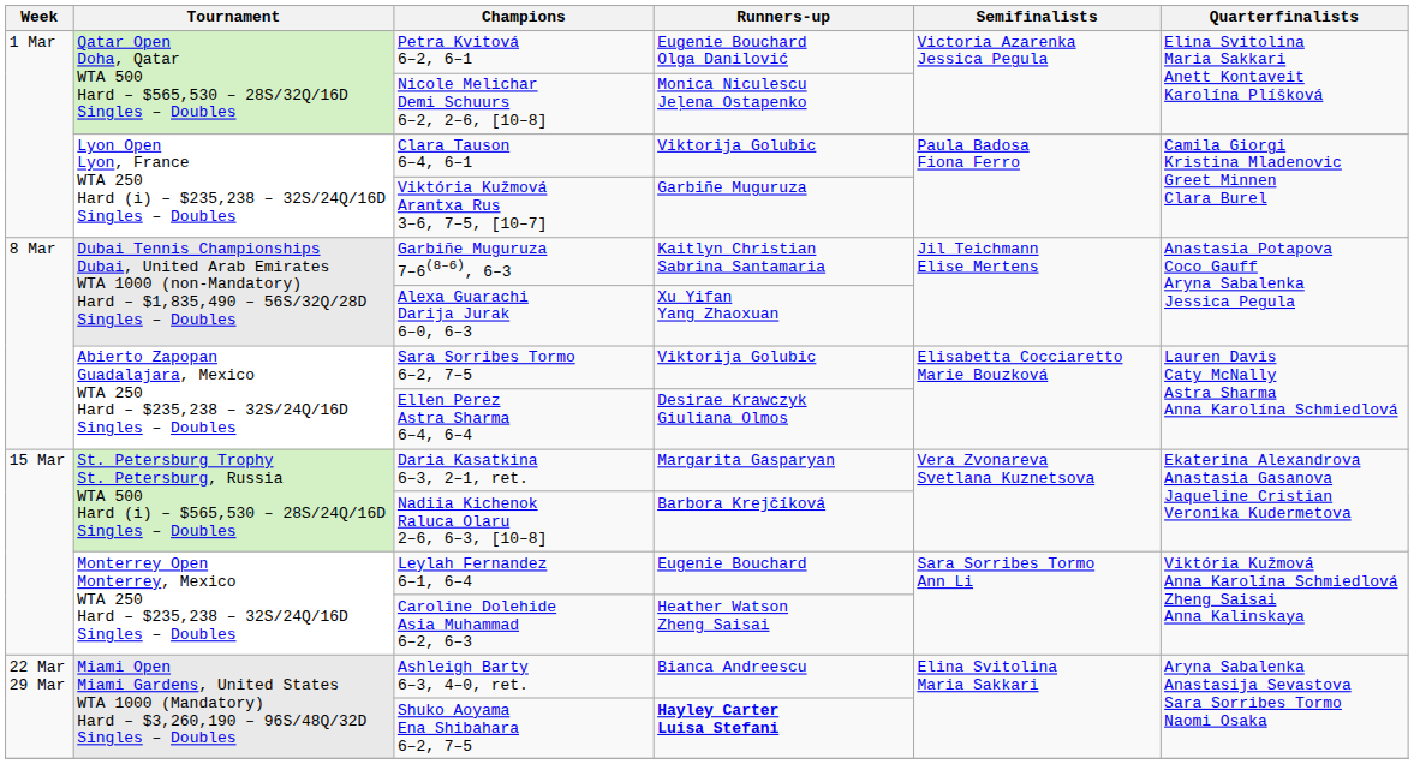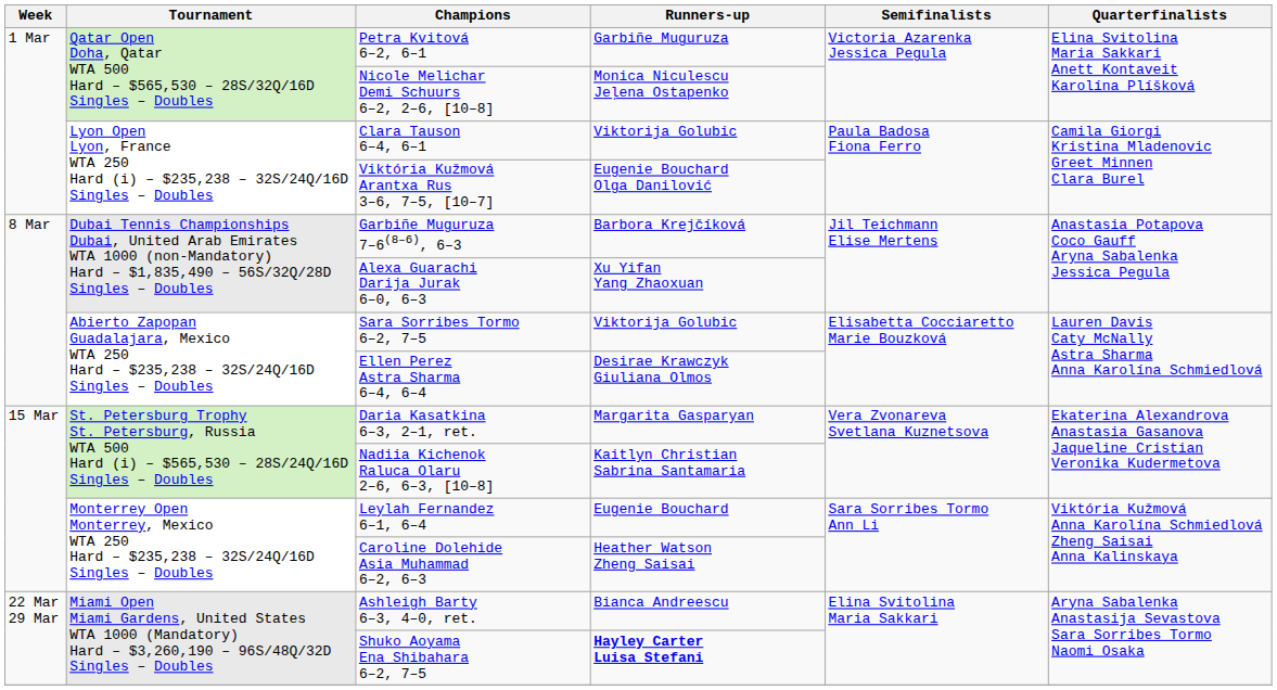 <table class=wikitable style=font-size:95%>
 <tr>
 <th style="width:48px;">Week</th>
 <th style="width:248px;">Tournament</th>
 <th style="width:200px;">Champions</th>
 <th style="width:200px;">Runners-up</th>
 <th style="width:190px;">Semifinalists</th>
 <th style="width:190px;">Quarterfinalists</th>
 </tr>
 <tr style="vertical-align:top">
 <td rowspan=4>1 Mar</td>
 <td style="background:#D4F1C5;" rowspan=2><a href='#'>Qatar Open</a><br> <a href='#'>Doha</a>, Qatar<br>WTA 500<br>Hard – $565,530 – 28S/32Q/16D <br> <a href='#'>Singles</a> – <a href='#'>Doubles</a></td>
 <td> <a href='#'>Petra Kvitová</a> <br> 6–2, 6–1</td>
-<td> <a href='#'>Eugenie Bouchard</a> <br>  <a href='#'>Olga Danilović</a></td>
+<td> <a href='#'>Garbiñe Muguruza</a></td>
 <td rowspan=2> <a href='#'>Victoria Azarenka</a> <br>  <a href='#'>Jessica Pegula</a></td>
 <td rowspan=2> <a href='#'>Elina Svitolina</a> <br>  <a href='#'>Maria Sakkari</a> <br>  <a href='#'>Anett Kontaveit</a> <br>  <a href='#'>Karolína Plíšková</a></td>
 </tr>
 <tr style="vertical-align:top">
 <td> <a href='#'>Nicole Melichar</a> <br>  <a href='#'>Demi Schuurs</a> <br> 6–2, 2–6, [10–8]</td>
 <td> <a href='#'>Monica Niculescu</a> <br>  <a href='#'>Jeļena Ostapenko</a></td>
 </tr>
 <tr style="vertical-align:top">
 <td style="background:#fff;" rowspan=2><a href='#'>Lyon Open</a><br> <a href='#'>Lyon</a>, France<br>WTA 250<br>Hard (i) – $235,238 – 32S/24Q/16D <br> <a href='#'>Singles</a> – <a href='#'>Doubles</a></td>
 <td> <a href='#'>Clara Tauson</a> <br> 6–4, 6–1</td>
 <td> <a href='#'>Viktorija Golubic</a></td>
 <td rowspan=2> <a href='#'>Paula Badosa</a> <br>  <a href='#'>Fiona Ferro</a></td>
 <td rowspan=2> <a href='#'>Camila Giorgi</a><br>  <a href='#'>Kristina Mladenovic</a> <br>  <a href='#'>Greet Minnen</a> <br>  <a href='#'>Clara Burel</a></td>
 </tr>
 <tr style="vertical-align:top">
 <td> <a href='#'>Viktória Kužmová</a> <br>  <a href='#'>Arantxa Rus</a> <br> 3–6, 7–5, [10–7]</td>
-<td> <a href='#'>Garbiñe Muguruza</a></td>
+<td> <a href='#'>Eugenie Bouchard</a> <br>  <a href='#'>Olga Danilović</a></td>
 </tr>
 <tr style="vertical-align:top">
 <td rowspan=4>8 Mar</td>
 <td style="background:#E9E9E9;" rowspan=2><a href='#'>Dubai Tennis Championships</a><br> <a href='#'>Dubai</a>, United Arab Emirates<br>WTA 1000 (non-Mandatory)<br>Hard – $1,835,490 – 56S/32Q/28D <br> <a href='#'>Singles</a> – <a href='#'>Doubles</a></td>
 <td> <a href='#'>Garbiñe Muguruza</a> <br> 7–6<sup>(8–6)</sup>, 6–3</td>
-<td> <a href='#'>Kaitlyn Christian</a> <br>  <a href='#'>Sabrina Santamaria</a></td>
+<td> <a href='#'>Barbora Krejčíková</a></td>
 <td rowspan=2> <a href='#'>Jil Teichmann</a> <br>  <a href='#'>Elise Mertens</a></td>
 <td rowspan=2> <a href='#'>Anastasia Potapova</a> <br>  <a href='#'>Coco Gauff</a> <br>  <a href='#'>Aryna Sabalenka</a> <br>  <a href='#'>Jessica Pegula</a></td>
 </tr>
 <tr style="vertical-align:top">
 <td> <a href='#'>Alexa Guarachi</a> <br>  <a href='#'>Darija Jurak</a> <br> 6–0, 6–3</td>
 <td> <a href='#'>Xu Yifan</a> <br>  <a href='#'>Yang Zhaoxuan</a></td>
 </tr>
 <tr style="vertical-align:top">
 <td style="background:#fff;" rowspan=2><a href='#'>Abierto Zapopan</a><br> <a href='#'>Guadalajara</a>, Mexico<br>WTA 250<br>Hard – $235,238 – 32S/24Q/16D <br> <a href='#'>Singles</a> – <a href='#'>Doubles</a></td>
 <td> <a href='#'>Sara Sorribes Tormo</a> <br> 6–2, 7–5</td>
 <td> <a href='#'>Viktorija Golubic</a></td>
 <td rowspan=2> <a href='#'>Elisabetta Cocciaretto</a> <br>  <a href='#'>Marie Bouzková</a></td>
 <td rowspan=2> <a href='#'>Lauren Davis</a> <br>  <a href='#'>Caty McNally</a> <br>  <a href='#'>Astra Sharma</a> <br>  <a href='#'>Anna Karolína Schmiedlová</a></td>
 </tr>
 <tr style="vertical-align:top">
 <td> <a href='#'>Ellen Perez</a> <br>  <a href='#'>Astra Sharma</a> <br> 6–4, 6–4</td>
 <td> <a href='#'>Desirae Krawczyk</a> <br>  <a href='#'>Giuliana Olmos</a></td>
 </tr>
 <tr style="vertical-align:top">
 <td rowspan=4>15 Mar</td>
 <td style="background:#D4F1C5;" rowspan=2><a href='#'>St. Petersburg Trophy</a><br> <a href='#'>St. Petersburg</a>, Russia<br>WTA 500<br>Hard (i) – $565,530 – 28S/24Q/16D <br> <a href='#'>Singles</a> – <a href='#'>Doubles</a></td>
 <td> <a href='#'>Daria Kasatkina</a> <br> 6–3, 2–1, ret.</td>
 <td> <a href='#'>Margarita Gasparyan</a></td>
 <td rowspan=2> <a href='#'>Vera Zvonareva</a> <br>  <a href='#'>Svetlana Kuznetsova</a></td>
 <td rowspan=2> <a href='#'>Ekaterina Alexandrova</a> <br>  <a href='#'>Anastasia Gasanova</a> <br>  <a href='#'>Jaqueline Cristian</a> <br>  <a href='#'>Veronika Kudermetova</a></td>
 </tr>
 <tr style="vertical-align:top">
 <td> <a href='#'>Nadiia Kichenok</a> <br>  <a href='#'>Raluca Olaru</a> <br> 2–6, 6–3, [10–8]</td>
-<td> <a href='#'>Barbora Krejčíková</a></td>
+<td> <a href='#'>Kaitlyn Christian</a> <br>  <a href='#'>Sabrina Santamaria</a></td>
 </tr>
 <tr style="vertical-align:top">
 <td style="background:#fff;" rowspan=2><a href='#'>Monterrey Open</a><br> <a href='#'>Monterrey</a>, Mexico<br>WTA 250<br>Hard – $235,238 – 32S/24Q/16D <br> <a href='#'>Singles</a> – <a href='#'>Doubles</a></td>
 <td> <a href='#'>Leylah Fernandez</a> <br> 6–1, 6–4</td>
 <td> <a href='#'>Eugenie Bouchard</a></td>
 <td rowspan=2> <a href='#'>Sara Sorribes Tormo</a> <br>  <a href='#'>Ann Li</a></td>
 <td rowspan=2> <a href='#'>Viktória Kužmová</a> <br>  <a href='#'>Anna Karolína Schmiedlová</a> <br>  <a href='#'>Zheng Saisai</a> <br>  <a href='#'>Anna Kalinskaya</a></td>
 </tr>
 <tr style="vertical-align:top">
 <td> <a href='#'>Caroline Dolehide</a> <br>  <a href='#'>Asia Muhammad</a> <br> 6–2, 6–3</td>
 <td> <a href='#'>Heather Watson</a> <br>  <a href='#'>Zheng Saisai</a></td>
 </tr>
 <tr style="vertical-align:top">
 <td rowspan=2>22 Mar <br>29 Mar</td>
 <td style="background:#e9e9e9;" rowspan=2><a href='#'>Miami Open</a><br> <a href='#'>Miami Gardens</a>, United States<br>WTA 1000 (Mandatory)<br>Hard – $3,260,190 – 96S/48Q/32D <br><a href='#'>Singles</a> – <a href='#'>Doubles</a></td>
 <td> <a href='#'>Ashleigh Barty</a> <br> 6–3, 4–0, ret.</td>
 <td> <a href='#'>Bianca Andreescu</a></td>
 <td rowspan=2> <a href='#'>Elina Svitolina</a> <br>  <a href='#'>Maria Sakkari</a></td>
 <td rowspan=2> <a href='#'>Aryna Sabalenka</a> <br>  <a href='#'>Anastasija Sevastova</a>  <br>  <a href='#'>Sara Sorribes Tormo</a> <br>  <a href='#'>Naomi Osaka</a></td>
 </tr>
 <tr style="vertical-align:top">
 <td> <a href='#'>Shuko Aoyama</a> <br>  <a href='#'>Ena Shibahara</a> <br> 6–2, 7–5</td>
 <td><strong> <a href='#'>Hayley Carter</a> <br>  <a href='#'>Luisa Stefani</a></strong></td>
 </tr>
 <tr style="vertical-align:top">
 </tr>
 </table>
